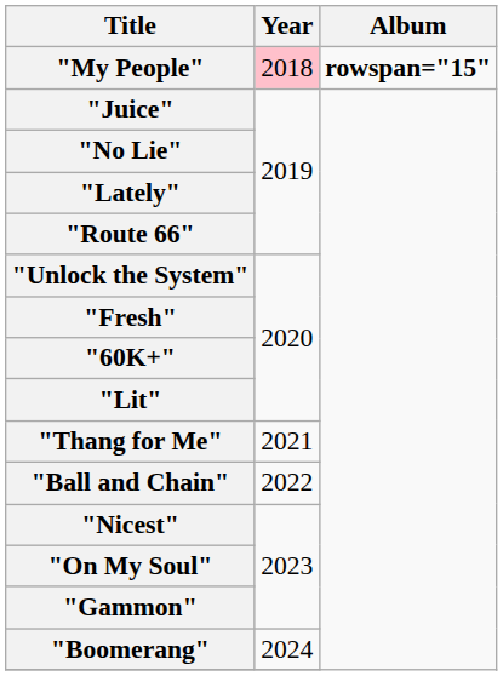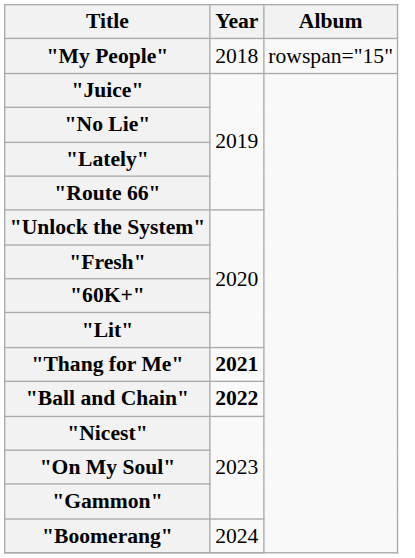 <table class="wikitable plainrowheaders" style="text-align:center;">
 <tr>
 <th>Title</th>
 <th>Year</th>
 <th>Album</th>
 </tr>
 <tr>
 <th scope="row">"My People"</th>
-<td rowspan="1" style="background: pink;">2018</td>
-<td><strong>rowspan="15" </strong></td>
+<td rowspan="1">2018</td>
+<td>rowspan="15" </td>
 </tr>
 <tr>
 <th scope="row">"Juice"</th>
 <td rowspan="4">2019</td>
 </tr>
 <tr>
 <th scope="row">"No Lie"</th>
 </tr>
 <tr>
 <th scope="row">"Lately"</th>
 </tr>
 <tr>
 <th scope="row">"Route 66"</th>
 </tr>
 <tr>
 <th scope="row">"Unlock the System"</th>
 <td rowspan="4">2020</td>
 </tr>
 <tr>
 <th scope="row">"Fresh"</th>
 </tr>
 <tr>
 <th scope="row">"60K+"</th>
 </tr>
 <tr>
 <th scope="row">"Lit"<br> </th>
 </tr>
 <tr>
 <th scope="row">"Thang for Me"</th>
-<td rowspan="1">2021</td>
+<td rowspan="1"><strong>2021</strong></td>
 </tr>
 <tr>
 <th scope="row">"Ball and Chain" <br> </th>
-<td rowspan="1">2022</td>
+<td rowspan="1"><strong>2022</strong></td>
 </tr>
 <tr>
 <th scope="row">"Nicest" <br> </th>
 <td rowspan="3">2023</td>
 </tr>
 <tr>
 <th scope="row">"On My Soul"</th>
 </tr>
 <tr>
 <th scope="row">"Gammon"</th>
 </tr>
 <tr>
 <th scope="row">"Boomerang"</th>
 <td rowspan="1">2024</td>
 </tr>
 <tr>
 </tr>
 </table>
